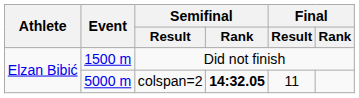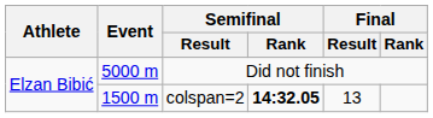 <table class="wikitable" style="font-size:90%">
 <tr>
 <th rowspan="2">Athlete</th>
 <th rowspan="2">Event</th>
 <th colspan="2">Semifinal</th>
 <th colspan="2">Final</th>
 </tr>
 <tr style="font-size:95%">
 <th>Result</th>
 <th>Rank</th>
 <th>Result</th>
 <th>Rank</th>
 </tr>
 <tr align=center>
 <td align=left rowspan=2><a href='#'>Elzan Bibić</a></td>
-<td align=left><a href='#'>1500 m</a></td>
+<td align=left><a href='#'>5000 m</a></td>
 <td colspan=4>Did not finish</td>
 </tr>
 <tr align=center>
-<td align=left><a href='#'>5000 m</a></td>
+<td align=left><a href='#'>1500 m</a></td>
 <td>colspan=2</td>
 <td><strong>14:32.05</strong></td>
-<td>11</td>
+<td>13</td>
 </tr>
 </table>
